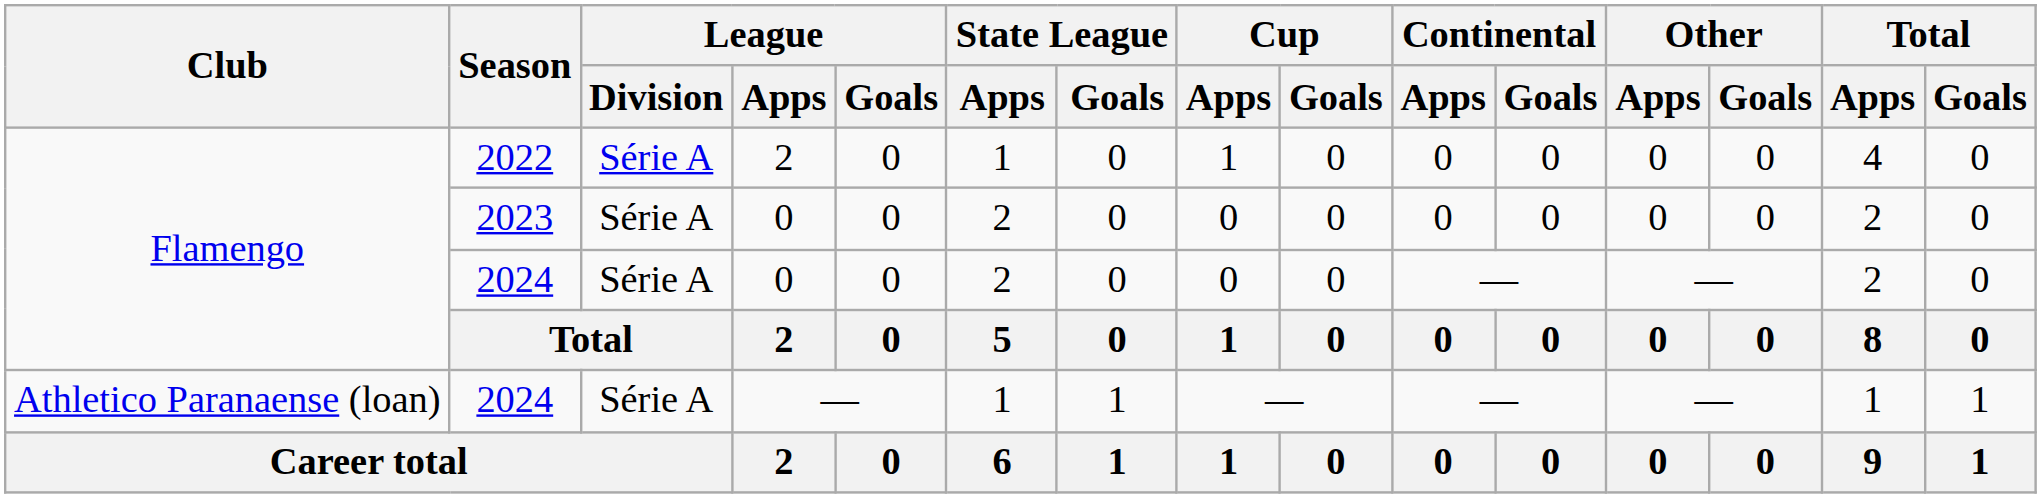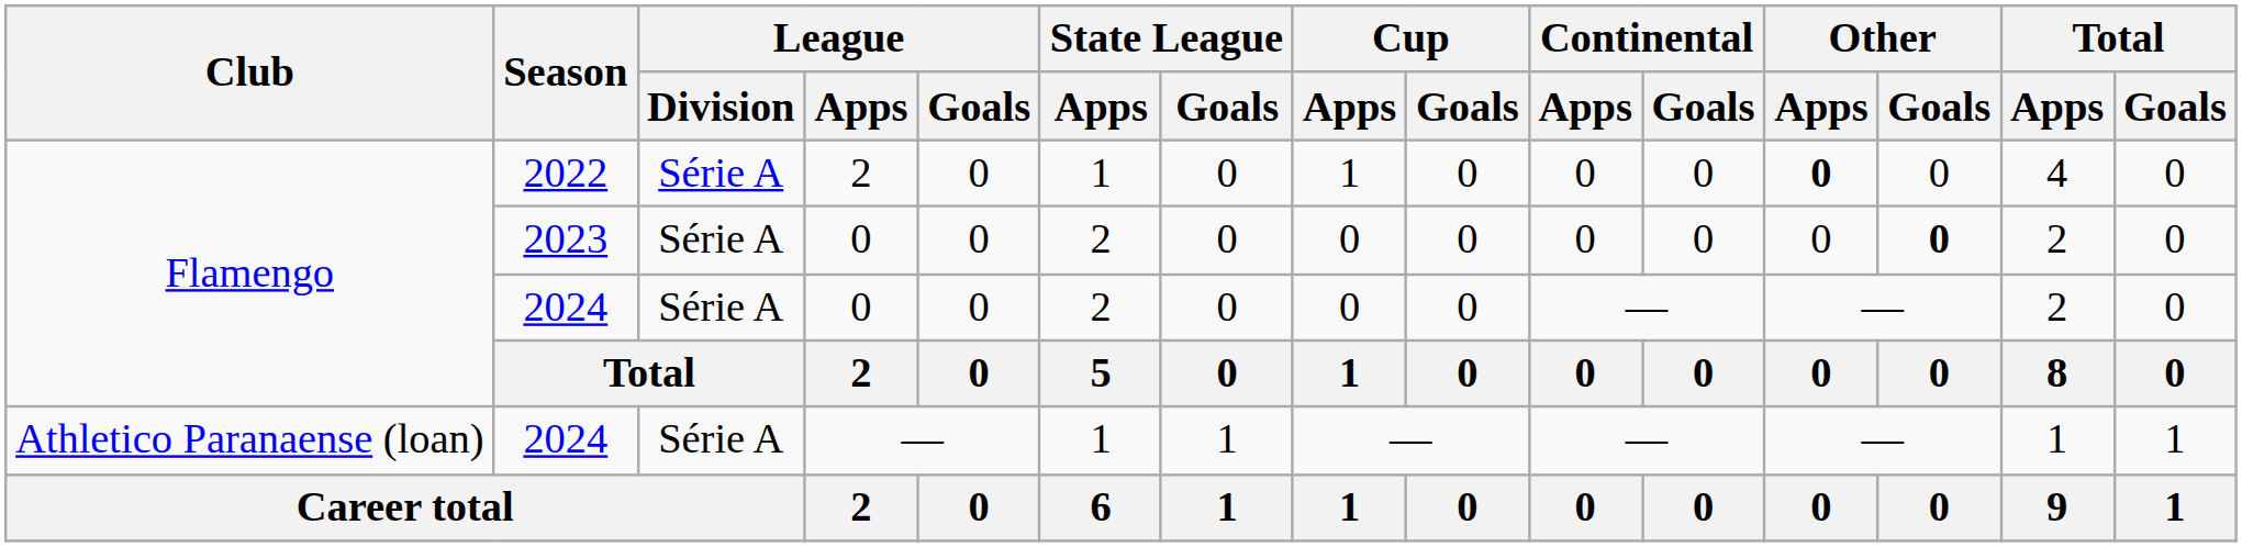 <table class="wikitable" style="text-align: center">
 <tr>
 <th rowspan="2">Club</th>
 <th rowspan="2">Season</th>
 <th colspan="3">League</th>
 <th colspan="2">State League</th>
 <th colspan="2">Cup</th>
 <th colspan="2">Continental</th>
 <th colspan="2">Other</th>
 <th colspan="2">Total</th>
 </tr>
 <tr>
 <th>Division</th>
 <th>Apps</th>
 <th>Goals</th>
 <th>Apps</th>
 <th>Goals</th>
 <th>Apps</th>
 <th>Goals</th>
 <th>Apps</th>
 <th>Goals</th>
 <th>Apps</th>
 <th>Goals</th>
 <th>Apps</th>
 <th>Goals</th>
 </tr>
 <tr>
 <td rowspan="4" align="center"><a href='#'>Flamengo</a></td>
 <td><a href='#'>2022</a></td>
 <td><a href='#'>Série A</a></td>
 <td>2</td>
 <td>0</td>
 <td>1</td>
 <td>0</td>
 <td>1</td>
 <td>0</td>
 <td>0</td>
 <td>0</td>
-<td>0</td>
+<td><strong>0</strong></td>
 <td>0</td>
 <td>4</td>
 <td>0</td>
 </tr>
 <tr>
 <td><a href='#'>2023</a></td>
 <td>Série A</td>
 <td>0</td>
 <td>0</td>
 <td>2</td>
 <td>0</td>
 <td>0</td>
 <td>0</td>
 <td>0</td>
 <td>0</td>
 <td>0</td>
-<td>0</td>
+<td><strong>0</strong></td>
 <td>2</td>
 <td>0</td>
 </tr>
 <tr>
 <td><a href='#'>2024</a></td>
 <td>Série A</td>
 <td>0</td>
 <td>0</td>
 <td>2</td>
 <td>0</td>
 <td>0</td>
 <td>0</td>
 <td colspan="2">—</td>
 <td colspan="2">—</td>
 <td>2</td>
 <td>0</td>
 </tr>
 <tr>
 <th colspan="2">Total</th>
 <th>2</th>
 <th>0</th>
 <th>5</th>
 <th>0</th>
 <th>1</th>
 <th>0</th>
 <th>0</th>
 <th>0</th>
 <th>0</th>
 <th>0</th>
 <th>8</th>
 <th>0</th>
 </tr>
 <tr>
 <td><a href='#'>Athletico Paranaense</a> (loan)</td>
 <td><a href='#'>2024</a></td>
 <td>Série A</td>
 <td colspan="2">—</td>
 <td>1</td>
 <td>1</td>
 <td colspan="2">—</td>
 <td colspan="2">—</td>
 <td colspan="2">—</td>
 <td>1</td>
 <td>1</td>
 </tr>
 <tr>
 <th colspan="3">Career total</th>
 <th>2</th>
 <th>0</th>
 <th>6</th>
 <th>1</th>
 <th>1</th>
 <th>0</th>
 <th>0</th>
 <th>0</th>
 <th>0</th>
 <th>0</th>
 <th>9</th>
 <th>1</th>
 </tr>
 </table>
